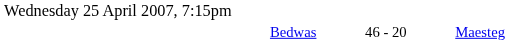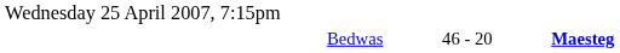 <table style="width:70%;" cellspacing="1">
 <tr>
 <th width=35%></th>
 <th width=15%></th>
 <th></th>
 </tr>
 <tr>
 <td>Wednesday 25 April 2007, 7:15pm</td>
 </tr>
 <tr style=font-size:90%>
 <td align=right><a href='#'>Bedwas</a></td>
 <td align=center>46 - 20</td>
-<td><a href='#'>Maesteg</a></td>
+<td><strong><a href='#'>Maesteg</a></strong></td>
 </tr>
 </table>
